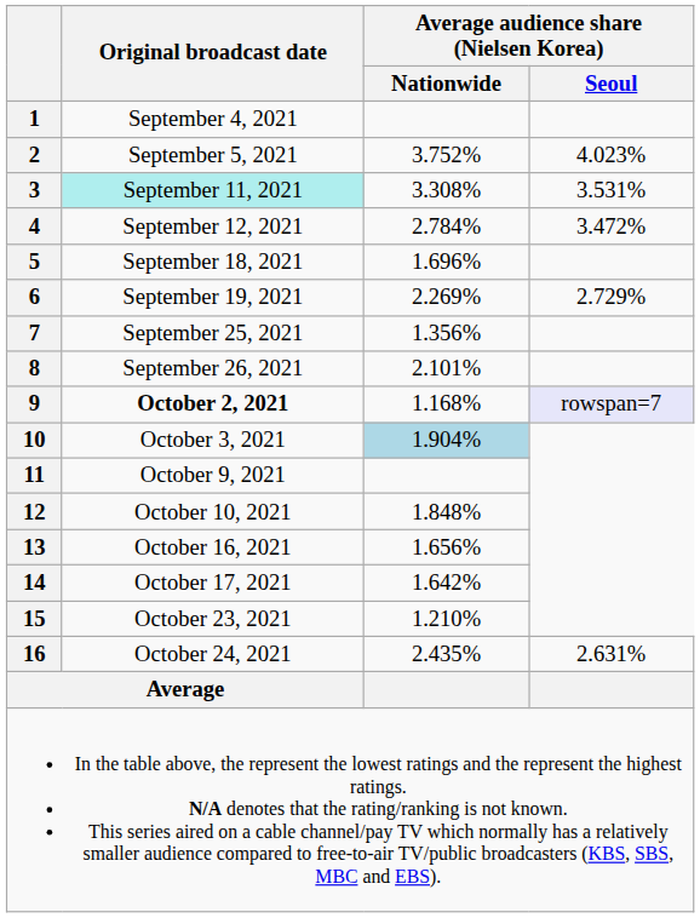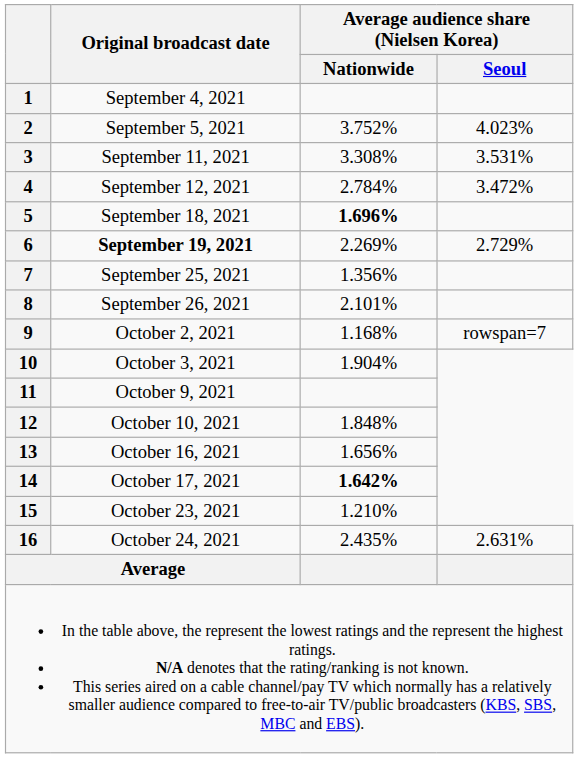 <table class="wikitable" style="text-align:center; max-width:490px; margin-left: auto; margin-right: auto; border: none;">
 <tr>
 </tr>
 <tr>
 <th rowspan="2"></th>
 <th rowspan="2">Original broadcast date</th>
 <th colspan="2">Average audience share<br>(Nielsen Korea)</th>
 </tr>
 <tr>
 <th width="110">Nationwide</th>
 <th width="110"><a href='#'>Seoul</a></th>
 </tr>
 <tr>
 <th>1</th>
 <td>September 4, 2021</td>
 <td> </td>
 <td> </td>
 </tr>
 <tr>
 <th>2</th>
 <td>September 5, 2021</td>
 <td>3.752% </td>
 <td>4.023% </td>
 </tr>
 <tr>
 <th>3</th>
-<td style="background: paleturquoise;">September 11, 2021</td>
+<td>September 11, 2021</td>
 <td>3.308% </td>
 <td>3.531% </td>
 </tr>
 <tr>
 <th>4</th>
 <td>September 12, 2021</td>
 <td>2.784% </td>
 <td>3.472%</td>
 </tr>
 <tr>
 <th>5</th>
 <td>September 18, 2021</td>
-<td>1.696% </td>
+<td><strong>1.696% </strong></td>
 <td></td>
 </tr>
 <tr>
 <th>6</th>
-<td>September 19, 2021</td>
+<td><strong>September 19, 2021</strong></td>
 <td>2.269% </td>
 <td>2.729% </td>
 </tr>
 <tr>
 <th>7</th>
 <td>September 25, 2021</td>
 <td>1.356% </td>
 <td></td>
 </tr>
 <tr>
 <th>8</th>
 <td>September 26, 2021</td>
 <td>2.101%  </td>
 <td> </td>
 </tr>
 <tr>
 <th>9</th>
-<td><strong>October 2, 2021</strong></td>
+<td>October 2, 2021</td>
 <td>1.168% </td>
-<td style="background: lavender;">rowspan=7 </td>
+<td>rowspan=7 </td>
 </tr>
 <tr>
 <th>10</th>
 <td>October 3, 2021</td>
-<td style="background: lightblue;">1.904% </td>
+<td>1.904% </td>
 </tr>
 <tr>
 <th>11</th>
 <td>October 9, 2021</td>
 <td>  </td>
 </tr>
 <tr>
 <th>12</th>
 <td>October 10, 2021</td>
 <td>1.848% </td>
 </tr>
 <tr>
 <th>13</th>
 <td>October 16, 2021</td>
 <td>1.656% </td>
 </tr>
 <tr>
 <th>14</th>
 <td>October 17, 2021</td>
-<td>1.642% </td>
+<td><strong>1.642% </strong></td>
 </tr>
 <tr>
 <th>15</th>
 <td>October 23, 2021</td>
 <td>1.210% </td>
 </tr>
 <tr>
 <th>16</th>
 <td>October 24, 2021</td>
 <td>2.435% </td>
 <td>2.631% </td>
 </tr>
 <tr>
 <th colspan="2">Average</th>
 <th></th>
 <th></th>
 </tr>
 <tr>
 <td colspan="4" style="font-size:85%"><br><ul><li>In the table above, the <strong></strong> represent the lowest ratings and the <strong></strong> represent the highest ratings.</li><li><strong>N/A</strong> denotes that the rating/ranking is not known.</li><li>This series aired on a cable channel/pay TV which normally has a relatively smaller audience compared to free-to-air TV/public broadcasters (<a href='#'>KBS</a>, <a href='#'>SBS</a>, <a href='#'>MBC</a> and <a href='#'>EBS</a>).</li></ul></td>
 </tr>
 </table>
